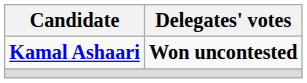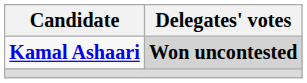 <table class="wikitable" style="text-align:center">
 <tr>
 <th>Candidate</th>
 <th>Delegates' votes</th>
 </tr>
 <tr>
 <td align="left"><strong><a href='#'>Kamal Ashaari</a></strong></td>
-<td colspan="1"><strong>Won uncontested</strong></td>
+<td colspan="1" style="background: lightgrey;"><strong>Won uncontested</strong></td>
 </tr>
 <tr>
 <td colspan="3" bgcolor="dcdcdc"></td>
 </tr>
 </table>
